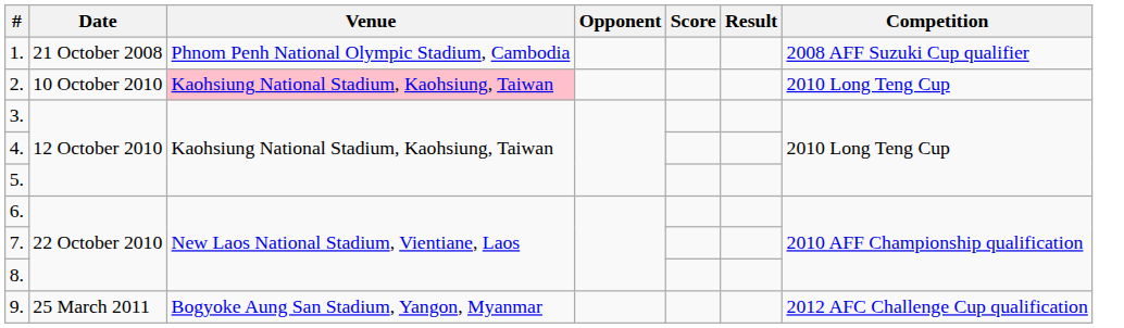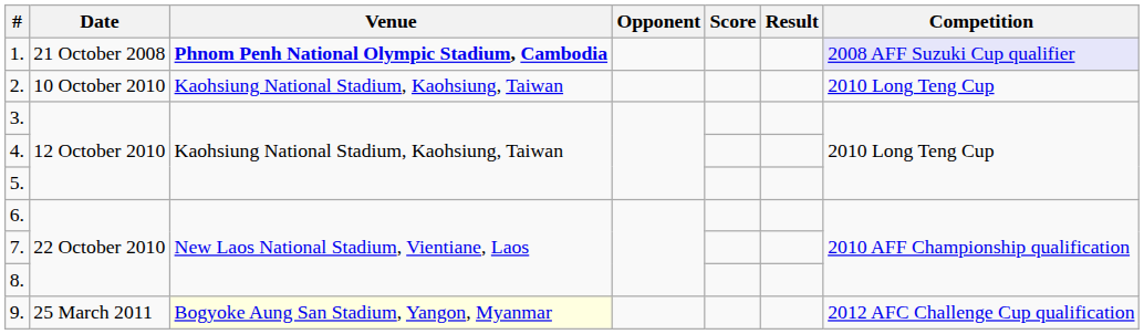 <table class="wikitable" style="font-size:90%">
 <tr>
 <th>#</th>
 <th>Date</th>
 <th>Venue</th>
 <th>Opponent</th>
 <th>Score</th>
 <th>Result</th>
 <th>Competition</th>
 </tr>
 <tr>
 <td>1.</td>
 <td>21 October 2008</td>
-<td><a href='#'>Phnom Penh National Olympic Stadium</a>, <a href='#'>Cambodia</a></td>
+<td><strong><a href='#'>Phnom Penh National Olympic Stadium</a>, <a href='#'>Cambodia</a></strong></td>
 <td></td>
 <td></td>
 <td></td>
-<td><a href='#'>2008 AFF Suzuki Cup qualifier</a></td>
+<td style="background: lavender;"><a href='#'>2008 AFF Suzuki Cup qualifier</a></td>
 </tr>
 <tr>
 <td>2.</td>
 <td>10 October 2010</td>
-<td style="background: pink;"><a href='#'>Kaohsiung National Stadium</a>, <a href='#'>Kaohsiung</a>, <a href='#'>Taiwan</a></td>
+<td><a href='#'>Kaohsiung National Stadium</a>, <a href='#'>Kaohsiung</a>, <a href='#'>Taiwan</a></td>
 <td></td>
 <td></td>
 <td></td>
 <td><a href='#'>2010 Long Teng Cup</a></td>
 </tr>
 <tr>
 <td>3.</td>
 <td rowspan="3">12 October 2010</td>
 <td rowspan="3">Kaohsiung National Stadium, Kaohsiung, Taiwan</td>
 <td rowspan="3"></td>
 <td></td>
 <td></td>
 <td rowspan="3">2010 Long Teng Cup</td>
 </tr>
 <tr>
 <td>4.</td>
 <td></td>
 <td></td>
 </tr>
 <tr>
 <td>5.</td>
 <td></td>
 <td></td>
 </tr>
 <tr>
 <td>6.</td>
 <td rowspan="3">22 October 2010</td>
 <td rowspan="3"><a href='#'>New Laos National Stadium</a>, <a href='#'>Vientiane</a>, <a href='#'>Laos</a></td>
 <td rowspan="3"></td>
 <td></td>
 <td></td>
 <td rowspan="3"><a href='#'>2010 AFF Championship qualification</a></td>
 </tr>
 <tr>
 <td>7.</td>
 <td></td>
 <td></td>
 </tr>
 <tr>
 <td>8.</td>
 <td></td>
 <td></td>
 </tr>
 <tr>
 <td>9.</td>
 <td>25 March 2011</td>
-<td><a href='#'>Bogyoke Aung San Stadium</a>, <a href='#'>Yangon</a>, <a href='#'>Myanmar</a></td>
+<td style="background: lightyellow;"><a href='#'>Bogyoke Aung San Stadium</a>, <a href='#'>Yangon</a>, <a href='#'>Myanmar</a></td>
 <td></td>
 <td></td>
 <td></td>
 <td><a href='#'>2012 AFC Challenge Cup qualification</a></td>
 </tr>
 </table>
